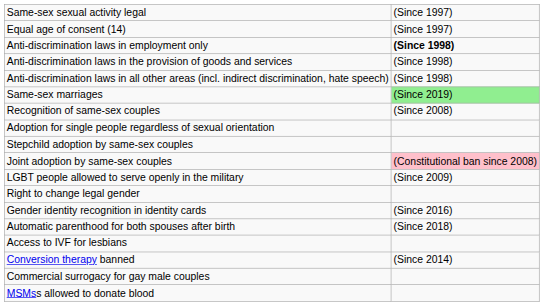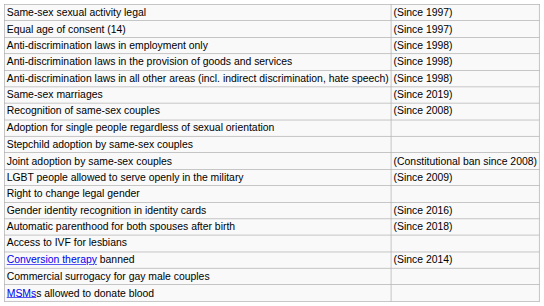 <table class="wikitable">
 <tr>
 <td>Same-sex sexual activity legal</td>
 <td> (Since 1997)</td>
 </tr>
 <tr>
 <td>Equal age of consent (14)</td>
 <td> (Since 1997)</td>
 </tr>
 <tr>
 <td>Anti-discrimination laws in employment only</td>
-<td><strong> (Since 1998)</strong></td>
+<td> (Since 1998)</td>
 </tr>
 <tr>
 <td>Anti-discrimination laws in the provision of goods and services</td>
 <td> (Since 1998)</td>
 </tr>
 <tr>
 <td>Anti-discrimination laws in all other areas (incl. indirect discrimination, hate speech)</td>
 <td> (Since 1998)</td>
 </tr>
 <tr>
 <td>Same-sex marriages</td>
-<td style="background: lightgreen;"> (Since 2019)</td>
+<td> (Since 2019)</td>
 </tr>
 <tr>
 <td>Recognition of same-sex couples</td>
 <td> (Since 2008)</td>
 </tr>
 <tr>
 <td>Adoption for single people regardless of sexual orientation</td>
 <td> </td>
 </tr>
 <tr>
 <td>Stepchild adoption by same-sex couples</td>
 <td></td>
 </tr>
 <tr>
 <td>Joint adoption by same-sex couples</td>
-<td style="background: pink;"> (Constitutional ban since 2008)</td>
+<td> (Constitutional ban since 2008)</td>
 </tr>
 <tr>
 <td>LGBT people allowed to serve openly in the military</td>
 <td> (Since 2009)</td>
 </tr>
 <tr>
 <td>Right to change legal gender</td>
 <td>  </td>
 </tr>
 <tr>
 <td>Gender identity recognition in identity cards</td>
 <td> (Since 2016)</td>
 </tr>
 <tr>
 <td>Automatic parenthood for both spouses after birth</td>
 <td> (Since 2018)</td>
 </tr>
 <tr>
 <td>Access to IVF for lesbians</td>
 <td></td>
 </tr>
 <tr>
 <td><a href='#'>Conversion therapy</a> banned</td>
 <td> (Since 2014)</td>
 </tr>
 <tr>
 <td>Commercial surrogacy for gay male couples</td>
 <td></td>
 </tr>
 <tr>
 <td><a href='#'>MSMs</a>s allowed to donate blood</td>
 <td> </td>
 </tr>
 </table>
